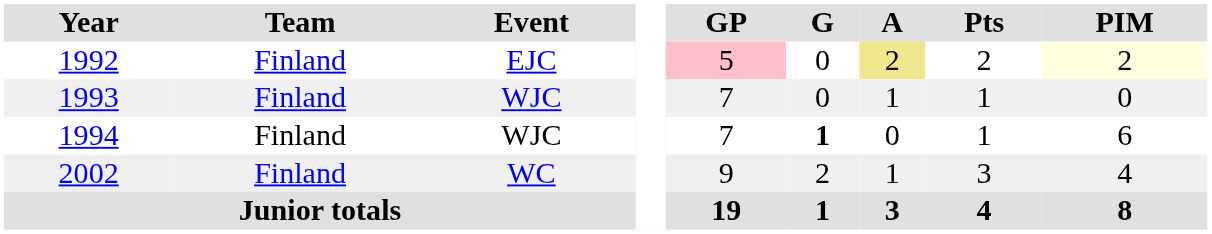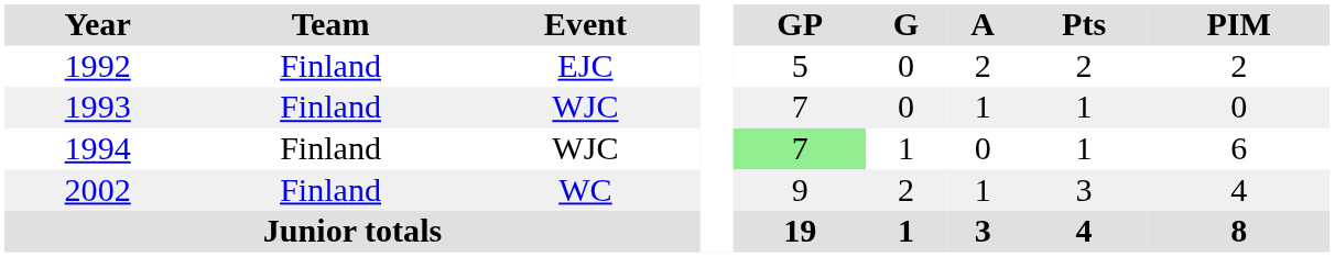 <table border="0" cellpadding="1" cellspacing="0" style="text-align:center; width:40em">
 <tr ALIGN="center" bgcolor="#e0e0e0">
 <th>Year</th>
 <th>Team</th>
 <th>Event</th>
 <th rowspan="99" bgcolor="#ffffff"> </th>
 <th>GP</th>
 <th>G</th>
 <th>A</th>
 <th>Pts</th>
 <th>PIM</th>
 </tr>
 <tr>
 <td><a href='#'>1992</a></td>
 <td><a href='#'>Finland</a></td>
 <td><a href='#'>EJC</a></td>
-<td style="background: pink;">5</td>
+<td>5</td>
 <td>0</td>
-<td style="background: khaki;">2</td>
 <td>2</td>
-<td style="background: lightyellow;">2</td>
+<td>2</td>
+<td>2</td>
 </tr>
 <tr bgcolor="#f0f0f0">
 <td><a href='#'>1993</a></td>
 <td><a href='#'>Finland</a></td>
 <td><a href='#'>WJC</a></td>
 <td>7</td>
 <td>0</td>
 <td>1</td>
 <td>1</td>
 <td>0</td>
 </tr>
 <tr>
 <td><a href='#'>1994</a></td>
 <td>Finland</td>
 <td>WJC</td>
-<td>7</td>
-<td><strong>1</strong></td>
+<td style="background: lightgreen;">7</td>
+<td>1</td>
 <td>0</td>
 <td>1</td>
 <td>6</td>
 </tr>
 <tr bgcolor="#f0f0f0">
 <td><a href='#'>2002</a></td>
 <td><a href='#'>Finland</a></td>
 <td><a href='#'>WC</a></td>
 <td>9</td>
 <td>2</td>
 <td>1</td>
 <td>3</td>
 <td>4</td>
 </tr>
 <tr bgcolor="#e0e0e0">
 <th colspan=3>Junior totals</th>
 <th>19</th>
 <th>1</th>
 <th>3</th>
 <th>4</th>
 <th>8</th>
 </tr>
 </table>
